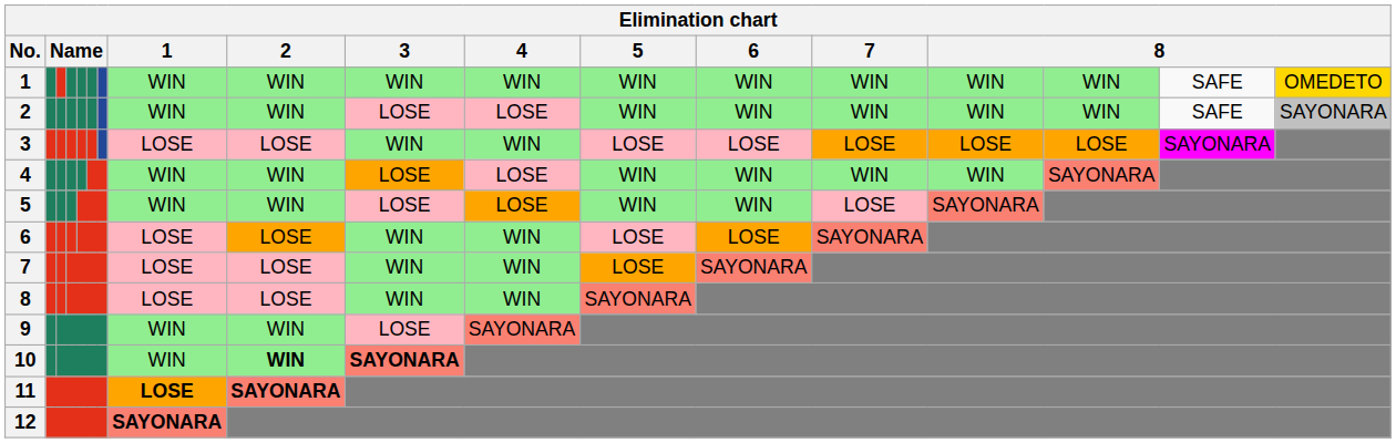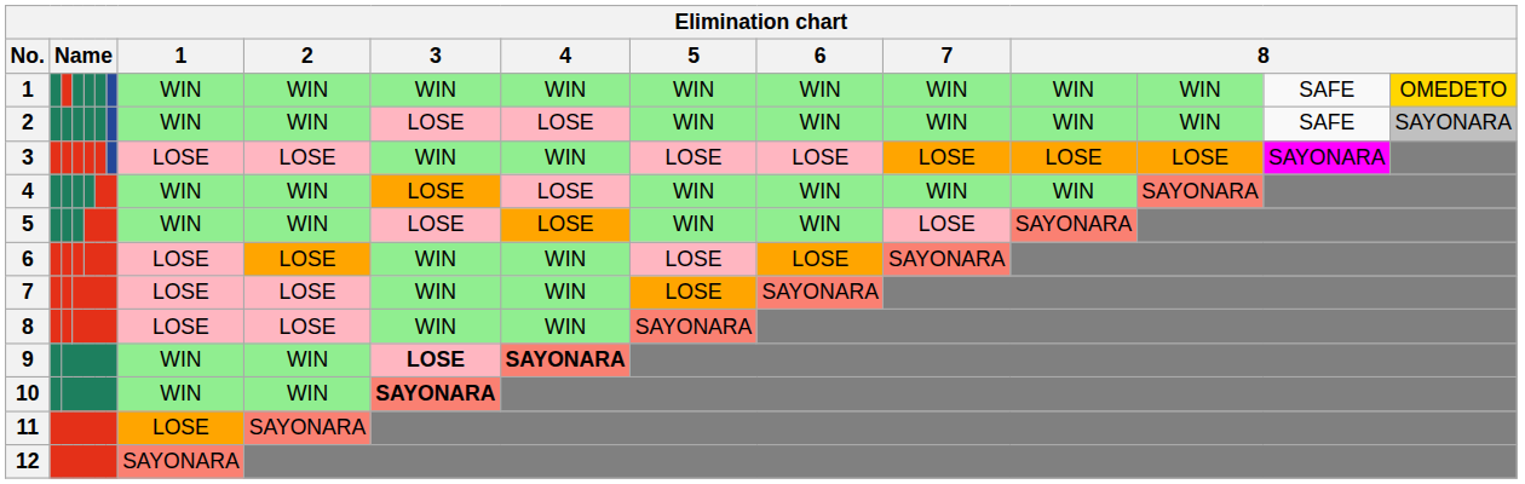 <table class="wikitable" style="text-align:center;">
 <tr>
 <th colspan="18">Elimination chart</th>
 </tr>
 <tr>
 <th>No.</th>
 <th colspan=6>Name</th>
 <th>1</th>
 <th>2</th>
 <th>3</th>
 <th>4</th>
 <th>5</th>
 <th>6</th>
 <th>7</th>
 <th colspan=4>8</th>
 </tr>
 <tr>
 <th>1</th>
 <td style="background:#1d7f5e;"></td>
 <td style="background:#e43018;"></td>
 <td style="background:#1d7f5e;"></td>
 <td style="background:#1d7f5e;"></td>
 <td style="background:#1d7f5e;"></td>
 <td style="background:#234798;"></td>
 <td style="background:lightgreen;">WIN</td>
 <td style="background:lightgreen;">WIN</td>
 <td style="background:lightgreen;">WIN</td>
 <td style="background:lightgreen;">WIN</td>
 <td style="background:lightgreen;">WIN</td>
 <td style="background:lightgreen;">WIN</td>
 <td style="background:lightgreen;">WIN</td>
 <td style="background:lightgreen;">WIN</td>
 <td style="background:lightgreen;">WIN</td>
 <td>SAFE</td>
 <td style="background:gold;">OMEDETO</td>
 </tr>
 <tr>
 <th>2</th>
 <td style="background:#1d7f5e;"></td>
 <td style="background:#1d7f5e;"></td>
 <td style="background:#1d7f5e;"></td>
 <td style="background:#1d7f5e;"></td>
 <td style="background:#1d7f5e;"></td>
 <td style="background:#234798;"></td>
 <td style="background:lightgreen;">WIN</td>
 <td style="background:lightgreen;">WIN</td>
 <td style="background:lightpink;">LOSE</td>
 <td style="background:lightpink;">LOSE</td>
 <td style="background:lightgreen;">WIN</td>
 <td style="background:lightgreen;">WIN</td>
 <td style="background:lightgreen;">WIN</td>
 <td style="background:lightgreen;">WIN</td>
 <td style="background:lightgreen;">WIN</td>
 <td>SAFE</td>
 <td style="background:silver;">SAYONARA</td>
 </tr>
 <tr>
 <th>3</th>
 <td style="background:#e43018;"></td>
 <td style="background:#e43018;"></td>
 <td style="background:#e43018;"></td>
 <td style="background:#e43018;"></td>
 <td style="background:#e43018;"></td>
 <td style="background:#234798;"></td>
 <td style="background:lightpink;">LOSE</td>
 <td style="background:lightpink;">LOSE</td>
 <td style="background:lightgreen;">WIN</td>
 <td style="background:lightgreen;">WIN</td>
 <td style="background:lightpink;">LOSE</td>
 <td style="background:lightpink;">LOSE</td>
 <td style="background:orange;">LOSE</td>
 <td style="background:orange;">LOSE</td>
 <td style="background:orange;">LOSE</td>
 <td style="background:magenta;">SAYONARA</td>
 <td style="background:gray;"></td>
 </tr>
 <tr>
 <th>4</th>
 <td style="background:#1d7f5e;"></td>
 <td style="background:#1d7f5e;"></td>
 <td style="background:#1d7f5e;"></td>
 <td style="background:#1d7f5e;"></td>
 <td colspan=2 style="background:#e43018;"></td>
 <td style="background:lightgreen;">WIN</td>
 <td style="background:lightgreen;">WIN</td>
 <td style="background:orange;">LOSE</td>
 <td style="background:lightpink;">LOSE</td>
 <td style="background:lightgreen;">WIN</td>
 <td style="background:lightgreen;">WIN</td>
 <td style="background:lightgreen;">WIN</td>
 <td style="background:lightgreen;">WIN</td>
 <td style="background:salmon;">SAYONARA</td>
 <td colspan="3" style="background:gray;"></td>
 </tr>
 <tr>
 <th>5</th>
 <td style="background:#1d7f5e;"></td>
 <td style="background:#1d7f5e;"></td>
 <td style="background:#1d7f5e;"></td>
 <td colspan=3 style="background:#e43018;"></td>
 <td style="background:lightgreen;">WIN</td>
 <td style="background:lightgreen;">WIN</td>
 <td style="background:lightpink;">LOSE</td>
 <td style="background:orange;">LOSE</td>
 <td style="background:lightgreen;">WIN</td>
 <td style="background:lightgreen;">WIN</td>
 <td style="background:lightpink;">LOSE</td>
 <td style="background:salmon;">SAYONARA</td>
 <td colspan="5" style="background:gray;"></td>
 </tr>
 <tr>
 <th>6</th>
 <td style="background:#e43018;"></td>
 <td style="background:#e43018;"></td>
 <td style="background:#e43018;"></td>
 <td colspan=3 style="background:#e43018;"></td>
 <td style="background:lightpink;">LOSE</td>
 <td style="background:orange;">LOSE</td>
 <td style="background:lightgreen;">WIN</td>
 <td style="background:lightgreen;">WIN</td>
 <td style="background:lightpink;">LOSE</td>
 <td style="background:orange;">LOSE</td>
 <td style="background:salmon;">SAYONARA</td>
 <td colspan="6" style="background:gray;"></td>
 </tr>
 <tr>
 <th>7</th>
 <td style="background:#e43018;"></td>
 <td style="background:#e43018;"></td>
 <td colspan=4 style="background:#e43018;"></td>
 <td style="background:lightpink;">LOSE</td>
 <td style="background:lightpink;">LOSE</td>
 <td style="background:lightgreen;">WIN</td>
 <td style="background:lightgreen;">WIN</td>
 <td style="background:orange;">LOSE</td>
 <td style="background:salmon;">SAYONARA</td>
 <td colspan="7" style="background:gray;"></td>
 </tr>
 <tr>
 <th>8</th>
 <td style="background:#e43018;"></td>
 <td style="background:#e43018;"></td>
 <td colspan=4 style="background:#e43018;"></td>
 <td style="background:lightpink;">LOSE</td>
 <td style="background:lightpink;">LOSE</td>
 <td style="background:lightgreen;">WIN</td>
 <td style="background:lightgreen;">WIN</td>
 <td style="background:salmon;">SAYONARA</td>
 <td colspan="8" style="background:gray;"></td>
 </tr>
 <tr>
 <th>9</th>
 <td style="background:#1d7f5e;"></td>
 <td colspan=5 style="background:#1d7f5e;"></td>
 <td style="background:lightgreen;">WIN</td>
 <td style="background:lightgreen;">WIN</td>
-<td style="background:lightpink;">LOSE</td>
-<td style="background:salmon;">SAYONARA</td>
+<td style="background:lightpink;"><strong>LOSE</strong></td>
+<td style="background:salmon;"><strong>SAYONARA</strong></td>
 <td colspan="9" style="background:gray;"></td>
 </tr>
 <tr>
 <th>10</th>
 <td style="background:#1d7f5e;"></td>
 <td colspan=5 style="background:#1d7f5e;"></td>
 <td style="background:lightgreen;">WIN</td>
-<td style="background:lightgreen;"><strong>WIN</strong></td>
+<td style="background:lightgreen;">WIN</td>
 <td style="background:salmon;"><strong>SAYONARA</strong></td>
 <td colspan="10" style="background:gray;"></td>
 </tr>
 <tr>
 <th>11</th>
 <td colspan=6 style="background:#e43018;"></td>
-<td style="background:orange;"><strong>LOSE</strong></td>
-<td style="background:salmon;"><strong>SAYONARA</strong></td>
+<td style="background:orange;">LOSE</td>
+<td style="background:salmon;">SAYONARA</td>
 <td colspan="11" style="background:gray;"></td>
 </tr>
 <tr>
 <th>12</th>
 <td colspan=6 style="background:#e43018;"></td>
-<td style="background:salmon;"><strong>SAYONARA</strong></td>
+<td style="background:salmon;">SAYONARA</td>
 <td colspan="12" style="background:gray;"></td>
 </tr>
 </table>
